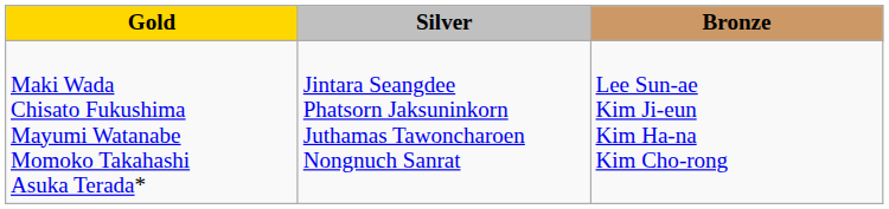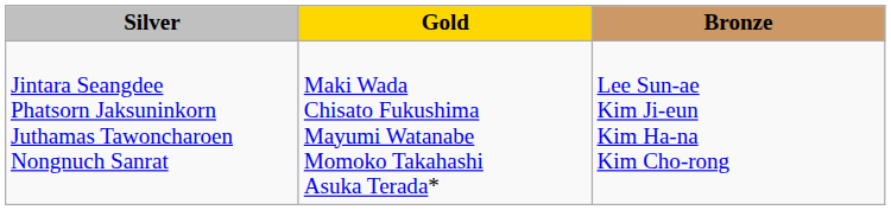 <table class="wikitable" style="text-align:left">
 <tr align="center">
+<td width=200 bgcolor=silver><strong>Silver</strong></td>
 <td width=200 bgcolor=gold><strong>Gold</strong></td>
-<td width=200 bgcolor=silver><strong>Silver</strong></td>
 <td width=200 bgcolor=CC9966><strong>Bronze</strong></td>
 </tr>
 <tr>
+<td valign=top><em></em><br><a href='#'>Jintara Seangdee</a><br><a href='#'>Phatsorn Jaksuninkorn</a><br><a href='#'>Juthamas Tawoncharoen</a><br><a href='#'>Nongnuch Sanrat</a></td>
 <td valign=top><em></em><br><a href='#'>Maki Wada</a><br><a href='#'>Chisato Fukushima</a><br><a href='#'>Mayumi Watanabe</a><br><a href='#'>Momoko Takahashi</a><br><a href='#'>Asuka Terada</a>*</td>
-<td valign=top><em></em><br><a href='#'>Jintara Seangdee</a><br><a href='#'>Phatsorn Jaksuninkorn</a><br><a href='#'>Juthamas Tawoncharoen</a><br><a href='#'>Nongnuch Sanrat</a></td>
 <td valign=top><em></em><br><a href='#'>Lee Sun-ae</a><br><a href='#'>Kim Ji-eun</a><br><a href='#'>Kim Ha-na</a><br><a href='#'>Kim Cho-rong</a></td>
 </tr>
 </table>
